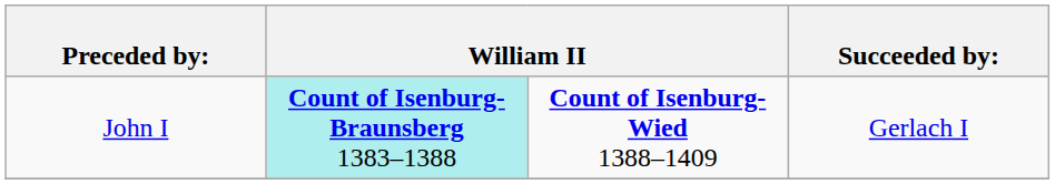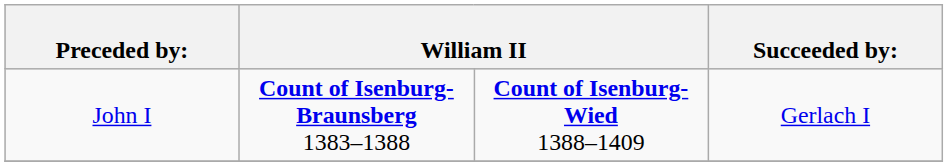 <table class="wikitable" style="margin:1em auto;">
 <tr align="center">
 <th width=150px><br>Preceded by:</th>
 <th colspan=2><br>William II</th>
 <th width=150px><br>Succeeded by:</th>
 </tr>
 <tr align="center">
 <td><a href='#'>John I</a></td>
-<td width=150px style="background: paleturquoise;"><strong><a href='#'>Count of Isenburg-Braunsberg</a></strong><br>1383–1388</td>
+<td width=150px><strong><a href='#'>Count of Isenburg-Braunsberg</a></strong><br>1383–1388</td>
 <td width=150px><strong><a href='#'>Count of Isenburg-Wied</a></strong><br>1388–1409</td>
 <td><a href='#'>Gerlach I</a></td>
 </tr>
 <tr>
 </tr>
 </table>
